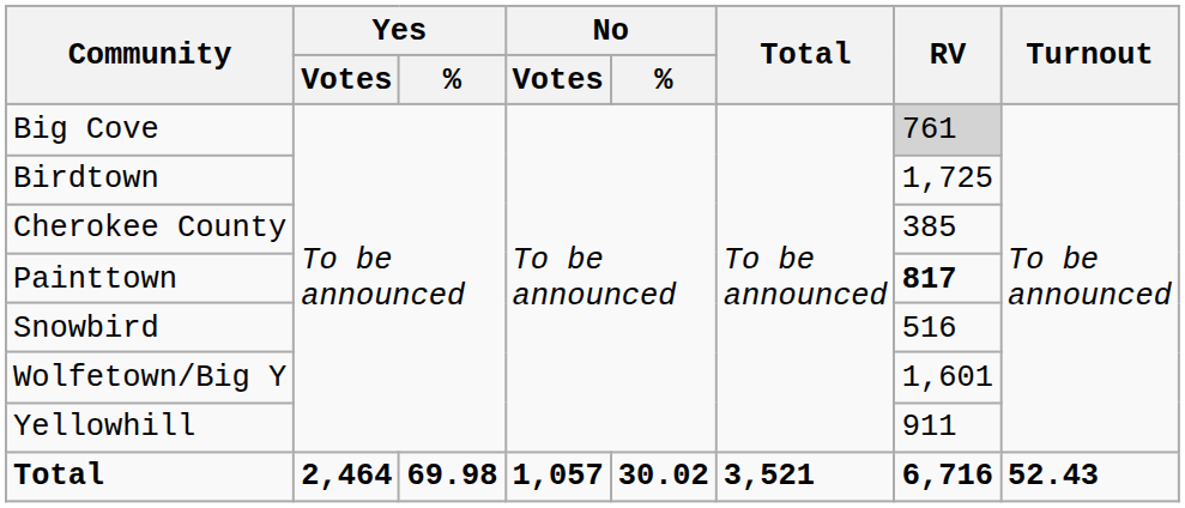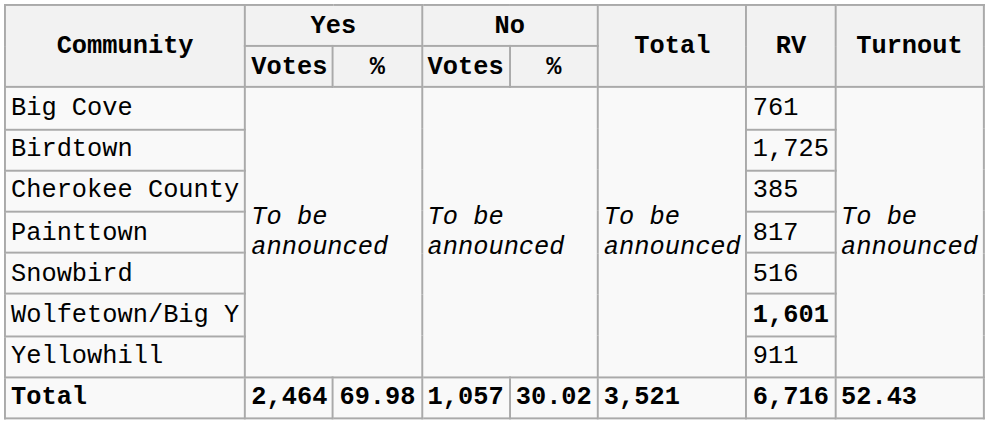 <table class="wikitable sortable">
 <tr>
 <th rowspan="2">Community</th>
 <th colspan="2">Yes</th>
 <th colspan="2">No</th>
 <th rowspan="2">Total</th>
 <th rowspan="2">RV</th>
 <th rowspan="2">Turnout</th>
 </tr>
 <tr>
 <th>Votes</th>
 <th>%</th>
 <th>Votes</th>
 <th>%</th>
 </tr>
 <tr>
 <td>Big Cove</td>
 <td colspan="2" rowspan="7"><em>To be</em><br><em>announced</em></td>
 <td colspan="2" rowspan="7"><em>To be</em><br><em>announced</em></td>
 <td rowspan="7"><em>To be</em><br><em>announced</em></td>
-<td style="background: lightgrey;">761</td>
+<td>761</td>
 <td rowspan="7"><em>To be</em><br><em>announced</em></td>
 </tr>
 <tr>
 <td>Birdtown</td>
 <td>1,725</td>
 </tr>
 <tr>
 <td>Cherokee County</td>
 <td>385</td>
 </tr>
 <tr>
 <td>Painttown</td>
-<td><strong>817</strong></td>
+<td>817</td>
 </tr>
 <tr>
 <td>Snowbird</td>
 <td>516</td>
 </tr>
 <tr>
 <td>Wolfetown/Big Y</td>
-<td>1,601</td>
+<td><strong>1,601</strong></td>
 </tr>
 <tr>
 <td>Yellowhill</td>
 <td>911</td>
 </tr>
 <tr>
 <td><strong>Total</strong></td>
 <td><strong>2,464</strong></td>
 <td><strong>69.98</strong></td>
 <td><strong>1,057</strong></td>
 <td><strong>30.02</strong></td>
 <td><strong>3,521</strong></td>
 <td><strong>6,716</strong></td>
 <td><strong>52.43</strong></td>
 </tr>
 </table>
